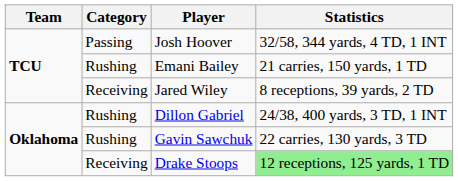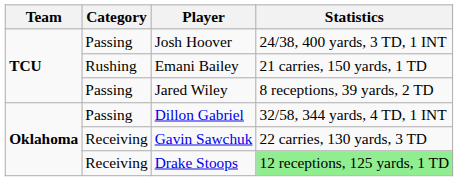 <table class="wikitable" style="float: right;">
 <tr>
 <th>Team</th>
 <th>Category</th>
 <th>Player</th>
 <th>Statistics</th>
 </tr>
 <tr>
 <td rowspan=3><strong>TCU</strong></td>
 <td>Passing</td>
 <td>Josh Hoover</td>
-<td>32/58, 344 yards, 4 TD, 1 INT</td>
+<td>24/38, 400 yards, 3 TD, 1 INT</td>
 </tr>
 <tr>
 <td>Rushing</td>
 <td>Emani Bailey</td>
 <td>21 carries, 150 yards, 1 TD</td>
 </tr>
 <tr>
-<td>Receiving</td>
+<td>Passing</td>
 <td>Jared Wiley</td>
 <td>8 receptions, 39 yards, 2 TD</td>
 </tr>
 <tr>
 <td rowspan=3><strong>Oklahoma</strong></td>
-<td>Rushing</td>
+<td>Passing</td>
 <td><a href='#'>Dillon Gabriel</a></td>
-<td>24/38, 400 yards, 3 TD, 1 INT</td>
+<td>32/58, 344 yards, 4 TD, 1 INT</td>
 </tr>
 <tr>
-<td>Rushing</td>
+<td>Receiving</td>
 <td><a href='#'>Gavin Sawchuk</a></td>
 <td>22 carries, 130 yards, 3 TD</td>
 </tr>
 <tr>
 <td>Receiving</td>
 <td><a href='#'>Drake Stoops</a></td>
 <td style="background: lightgreen;">12 receptions, 125 yards, 1 TD</td>
 </tr>
 </table>
